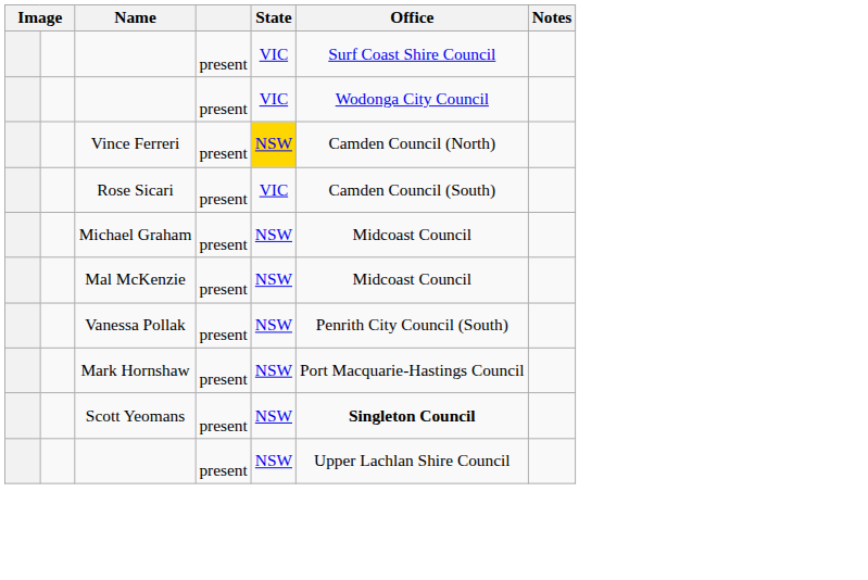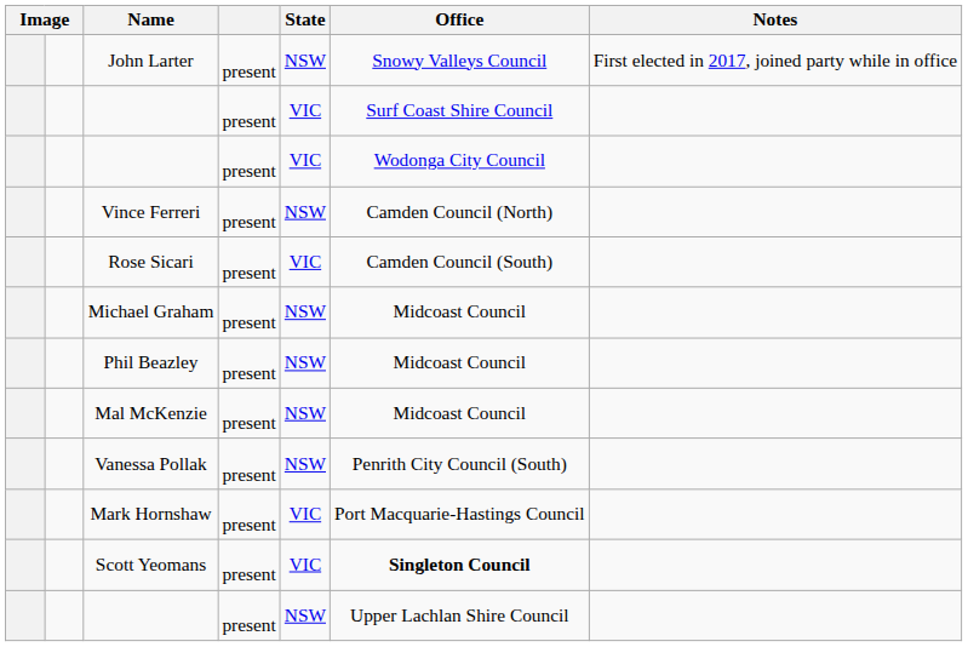 <table class="wikitable" style="text-align:center">
 <tr>
 <th colspan="2"; width=60>Image</th>
 <th>Name</th>
 <th></th>
 <th>State</th>
 <th>Office</th>
 <th>Notes</th>
+</tr>
+<tr>
+<th style="background:"></th>
+<td></td>
+<td>John Larter</td>
+<td><br>present</td>
+<td><a href='#'>NSW</a></td>
+<td><a href='#'>Snowy Valleys Council</a></td>
+<td>First elected in <a href='#'>2017</a>, joined party while in office</td>
 </tr>
 <tr>
 <th style="background:"></th>
 <td></td>
 <td></td>
 <td><br>present</td>
 <td><a href='#'>VIC</a></td>
 <td><a href='#'>Surf Coast Shire Council</a> <br> </td>
 <td></td>
 </tr>
 <tr>
 <th style="background:"></th>
 <td></td>
 <td></td>
 <td><br>present</td>
 <td><a href='#'>VIC</a></td>
 <td><a href='#'>Wodonga City Council</a></td>
 <td></td>
 </tr>
 <tr>
 <th style="background:"></th>
 <td></td>
 <td>Vince Ferreri</td>
 <td><br>present</td>
-<td style="background: gold;"><a href='#'>NSW</a></td>
+<td><a href='#'>NSW</a></td>
 <td>Camden Council (North)</td>
 <td></td>
 </tr>
 <tr>
 <th style="background:"></th>
 <td></td>
 <td>Rose Sicari</td>
 <td><br>present</td>
 <td><a href='#'>VIC</a></td>
 <td>Camden Council (South)</td>
 <td></td>
 </tr>
 <tr>
 <th style="background:"></th>
 <td></td>
 <td>Michael Graham</td>
+<td><br>present</td>
+<td><a href='#'>NSW</a></td>
+<td>Midcoast Council</td>
+<td></td>
+</tr>
+<tr>
+<th style="background:"></th>
+<td></td>
+<td>Phil Beazley</td>
 <td><br>present</td>
 <td><a href='#'>NSW</a></td>
 <td>Midcoast Council</td>
 <td></td>
 </tr>
 <tr>
 <th style="background:"></th>
 <td></td>
 <td>Mal McKenzie</td>
 <td><br>present</td>
 <td><a href='#'>NSW</a></td>
 <td>Midcoast Council</td>
 <td></td>
 </tr>
 <tr>
 <th style="background:"></th>
 <td></td>
 <td>Vanessa Pollak</td>
 <td><br>present</td>
 <td><a href='#'>NSW</a></td>
 <td>Penrith City Council (South)</td>
 <td></td>
 </tr>
 <tr>
 <th style="background:"></th>
 <td></td>
 <td>Mark Hornshaw</td>
 <td><br>present</td>
-<td><a href='#'>NSW</a></td>
+<td><a href='#'>VIC</a></td>
 <td>Port Macquarie-Hastings Council</td>
 <td></td>
 </tr>
 <tr>
 <th style="background:"></th>
 <td></td>
 <td>Scott Yeomans</td>
 <td><br>present</td>
-<td><a href='#'>NSW</a></td>
+<td><a href='#'>VIC</a></td>
 <td><strong>Singleton Council</strong></td>
 <td></td>
 </tr>
 <tr>
 <th style="background:"></th>
 <td></td>
 <td></td>
 <td><br>present</td>
 <td><a href='#'>NSW</a></td>
 <td>Upper Lachlan Shire Council</td>
 <td></td>
 </tr>
 </table>
